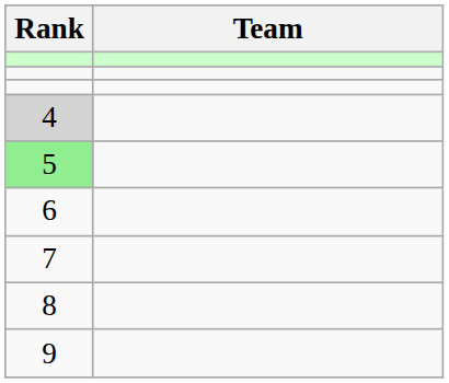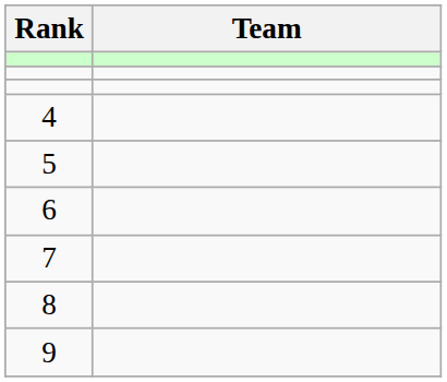 <table class="wikitable" style="text-align: center;">
 <tr>
 <th width=40>Rank</th>
 <th width=180>Team</th>
 </tr>
 <tr bgcolor=ccffcc>
 <td></td>
 <td style="text-align: left;"></td>
 </tr>
 <tr>
 <td></td>
 <td style="text-align: left;"></td>
 </tr>
 <tr>
 <td></td>
 <td style="text-align: left;"></td>
 </tr>
 <tr>
-<td style="background: lightgrey;">4</td>
+<td>4</td>
 <td style="text-align: left;"></td>
 </tr>
 <tr>
-<td style="background: lightgreen;">5</td>
+<td>5</td>
 <td style="text-align: left;"></td>
 </tr>
 <tr>
 <td>6</td>
 <td style="text-align: left;"></td>
 </tr>
 <tr>
 <td>7</td>
 <td style="text-align: left;"></td>
 </tr>
 <tr>
 <td>8</td>
 <td style="text-align: left;"></td>
 </tr>
 <tr>
 <td>9</td>
 <td style="text-align: left;"></td>
 </tr>
 </table>
